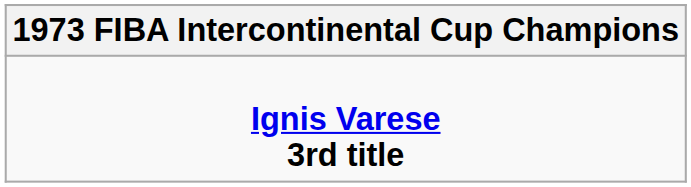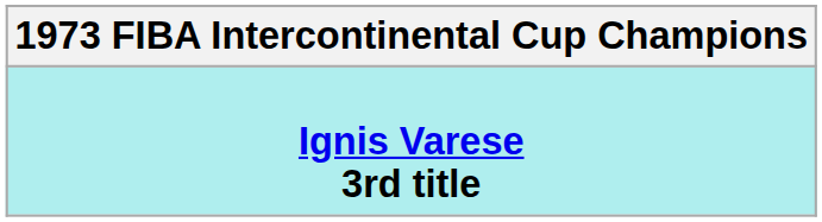 <table class=wikitable style="text-align:center; margin:auto">
 <tr>
 <th>1973 FIBA Intercontinental Cup Champions</th>
 </tr>
 <tr>
-<td><br><strong><a href='#'>Ignis Varese</a></strong><br><strong>3rd title</strong></td>
+<td style="background: paleturquoise;"><br><strong><a href='#'>Ignis Varese</a></strong><br><strong>3rd title</strong></td>
 </tr>
 </table>
